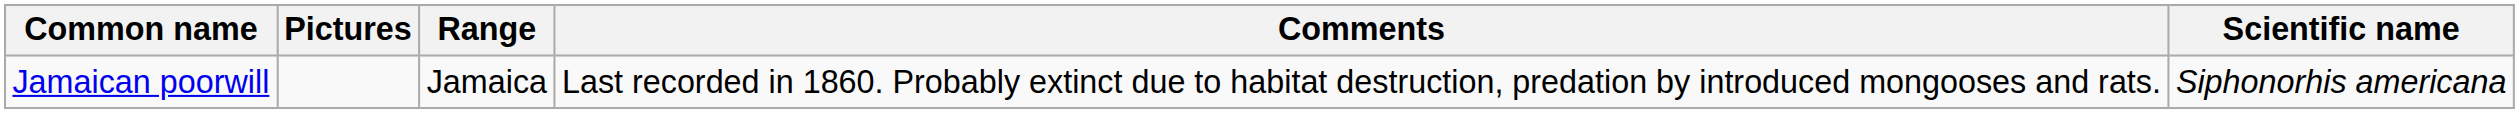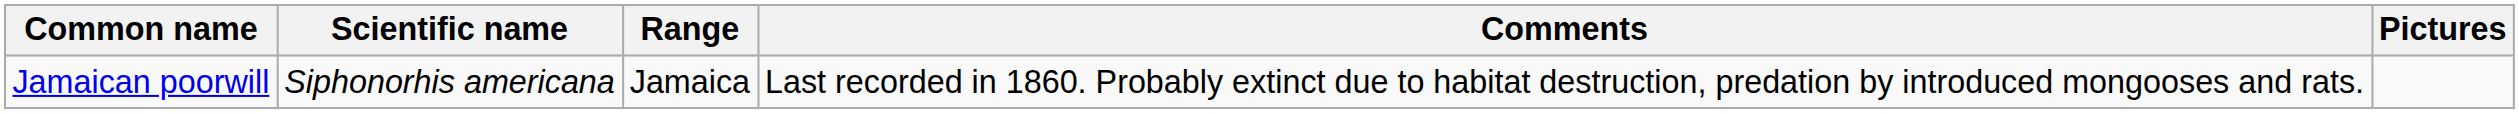 <table class="wikitable">
 <tr>
 <th>Common name</th>
-<th>Pictures</th>
+<th>Scientific name</th>
 <th>Range</th>
 <th class="unsortable">Comments</th>
-<th>Scientific name</th>
+<th>Pictures</th>
 </tr>
 <tr>
 <td><a href='#'>Jamaican poorwill</a></td>
-<td></td>
+<td><em>Siphonorhis americana</em></td>
 <td>Jamaica</td>
 <td>Last recorded in 1860. Probably extinct due to habitat destruction, predation by introduced mongooses and rats.</td>
-<td><em>Siphonorhis americana</em></td>
+<td></td>
 </tr>
 </table>
